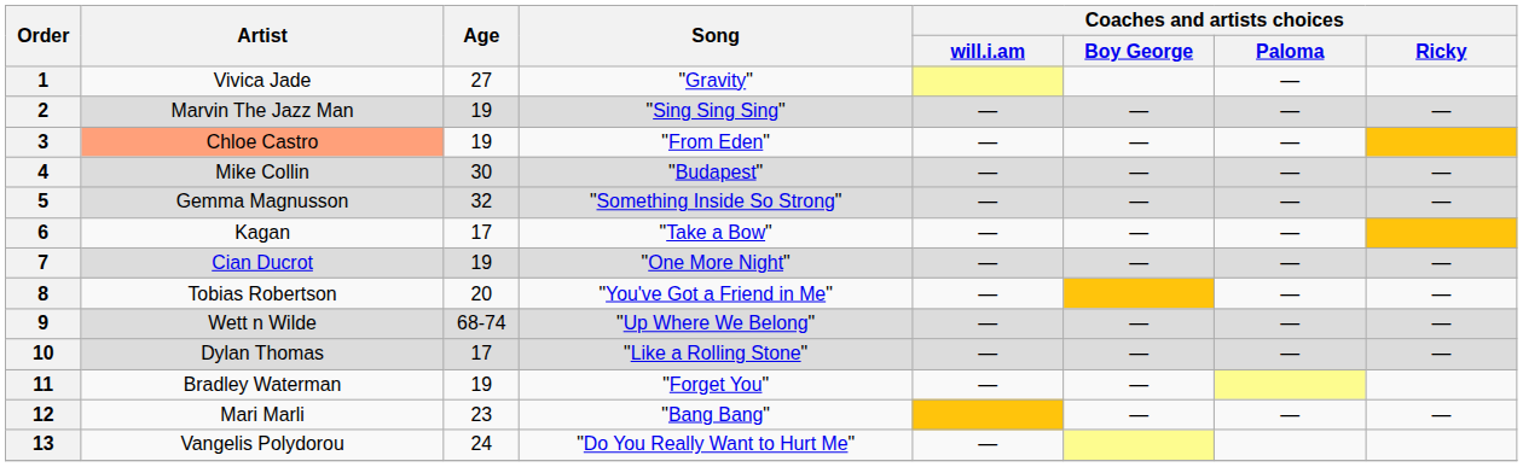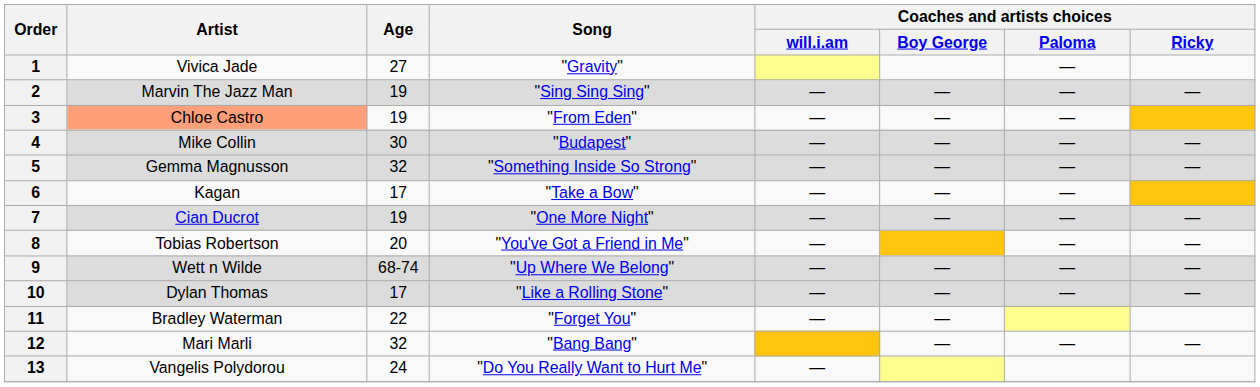 <table class="wikitable" style="text-align:center; width:100%;">
 <tr>
 <th scope="col" rowspan="2" style="width:05%;">Order</th>
 <th scope="col" rowspan="2" style="width:24%;">Artist</th>
 <th scope="col" rowspan="2" style="width:05%;">Age</th>
 <th scope="col" rowspan="2" style="width:26%;">Song</th>
 <th colspan="4" style="width:40%;">Coaches and artists choices</th>
 </tr>
 <tr>
 <th style="width:10%;"><a href='#'>will.i.am</a></th>
 <th style="width:10%;"><a href='#'>Boy George</a></th>
 <th style="width:10%;"><a href='#'>Paloma</a></th>
 <th style="width:10%;"><a href='#'>Ricky</a></th>
 </tr>
 <tr>
 <th scope="col">1</th>
 <td>Vivica Jade</td>
 <td>27</td>
 <td>"<a href='#'>Gravity</a>"</td>
 <td style="background:#fdfc8f;"><strong></strong></td>
 <td><strong></strong></td>
 <td>—</td>
 <td><strong></strong></td>
 </tr>
 <tr style="background:#DCDCDC">
 <th scope="col">2</th>
 <td style="background:#DCDCDC;">Marvin The Jazz Man</td>
 <td style="background:#DCDCDC; text-align:center;">19</td>
 <td style="background:#DCDCDC; text-align:center;">"<a href='#'>Sing Sing Sing</a>"</td>
 <td>—</td>
 <td>—</td>
 <td>—</td>
 <td>—</td>
 </tr>
 <tr>
 <th scope="col">3</th>
 <td style="background: lightsalmon;">Chloe Castro</td>
 <td>19</td>
 <td>"<a href='#'>From Eden</a>"</td>
 <td>—</td>
 <td>—</td>
 <td>—</td>
 <td style="background:#FFC40C;"><strong></strong></td>
 </tr>
 <tr style="background:#DCDCDC">
 <th scope="col">4</th>
 <td style="background:#DCDCDC;">Mike Collin</td>
 <td style="background:#DCDCDC; text-align:center;">30</td>
 <td style="background:#DCDCDC; text-align:center;">"<a href='#'>Budapest</a>"</td>
 <td>—</td>
 <td>—</td>
 <td>—</td>
 <td>—</td>
 </tr>
 <tr style="background:#DCDCDC">
 <th scope="col">5</th>
 <td style="background:#DCDCDC;">Gemma Magnusson</td>
 <td style="background:#DCDCDC; text-align:center;">32</td>
 <td style="background:#DCDCDC; text-align:center;">"<a href='#'>Something Inside So Strong</a>"</td>
 <td>—</td>
 <td>—</td>
 <td>—</td>
 <td>—</td>
 </tr>
 <tr>
 <th scope="col">6</th>
 <td>Kagan</td>
 <td>17</td>
 <td>"<a href='#'>Take a Bow</a>"</td>
 <td>—</td>
 <td>—</td>
 <td>—</td>
 <td style="background:#FFC40C;"><strong></strong></td>
 </tr>
 <tr style="background:#DCDCDC">
 <th scope="col">7</th>
 <td style="background:#DCDCDC;"><a href='#'>Cian Ducrot</a></td>
 <td style="background:#DCDCDC; text-align:center;">19</td>
 <td style="background:#DCDCDC; text-align:center;">"<a href='#'>One More Night</a>"</td>
 <td>—</td>
 <td>—</td>
 <td>—</td>
 <td>—</td>
 </tr>
 <tr>
 <th scope="col">8</th>
 <td>Tobias Robertson</td>
 <td>20</td>
 <td>"<a href='#'>You've Got a Friend in Me</a>"</td>
 <td>—</td>
 <td style="background:#FFC40C;"><strong></strong></td>
 <td>—</td>
 <td>—</td>
 </tr>
 <tr style="background:#DCDCDC">
 <th scope="col">9</th>
 <td style="background:#DCDCDC;">Wett n Wilde</td>
 <td style="background:#DCDCDC; text-align:center;">68-74</td>
 <td style="background:#DCDCDC; text-align:center;">"<a href='#'>Up Where We Belong</a>"</td>
 <td>—</td>
 <td>—</td>
 <td>—</td>
 <td>—</td>
 </tr>
 <tr style="background:#DCDCDC">
 <th scope="col">10</th>
 <td style="background:#DCDCDC;">Dylan Thomas</td>
 <td style="background:#DCDCDC; text-align:center;">17</td>
 <td style="background:#DCDCDC; text-align:center;">"<a href='#'>Like a Rolling Stone</a>"</td>
 <td>—</td>
 <td>—</td>
 <td>—</td>
 <td>—</td>
 </tr>
 <tr>
 <th scope="col">11</th>
 <td>Bradley Waterman</td>
-<td>19</td>
+<td>22</td>
 <td>"<a href='#'>Forget You</a>"</td>
 <td>—</td>
 <td>—</td>
 <td style="background:#fdfc8f;"><strong></strong></td>
 <td><strong></strong></td>
 </tr>
 <tr>
 <th scope="col">12</th>
 <td>Mari Marli</td>
-<td>23</td>
+<td>32</td>
 <td>"<a href='#'>Bang Bang</a>"</td>
 <td style="background:#FFC40C;"><strong></strong></td>
 <td>—</td>
 <td>—</td>
 <td>—</td>
 </tr>
 <tr>
 <th scope="col">13</th>
 <td>Vangelis Polydorou</td>
 <td>24</td>
 <td>"<a href='#'>Do You Really Want to Hurt Me</a>"</td>
 <td>—</td>
 <td style="background:#fdfc8f;"><strong></strong></td>
 <td><strong></strong></td>
 <td><strong></strong></td>
 </tr>
 <tr>
 </tr>
 </table>
